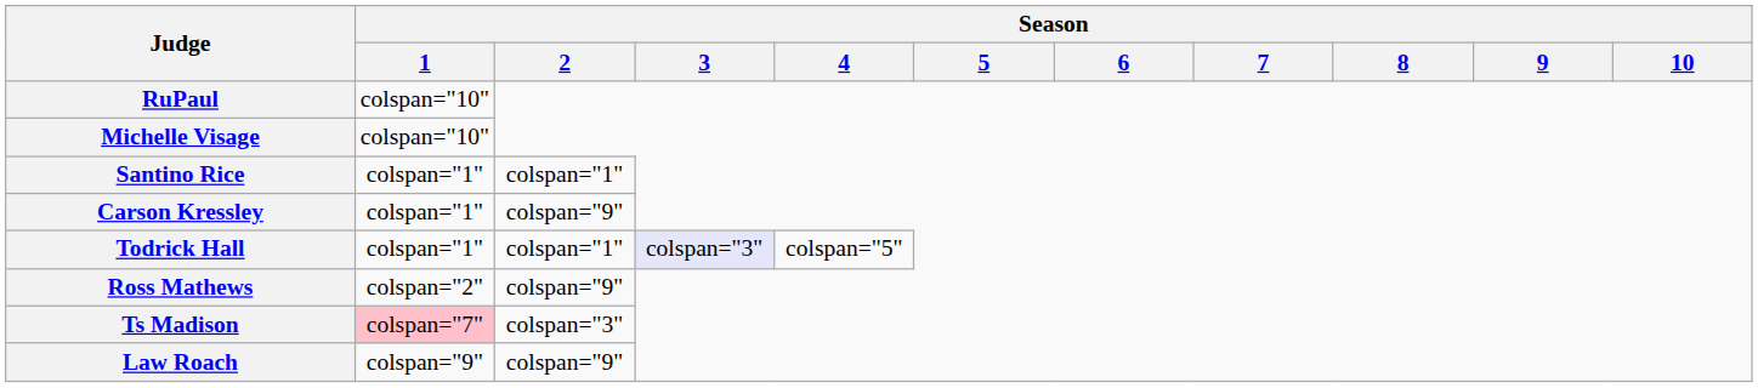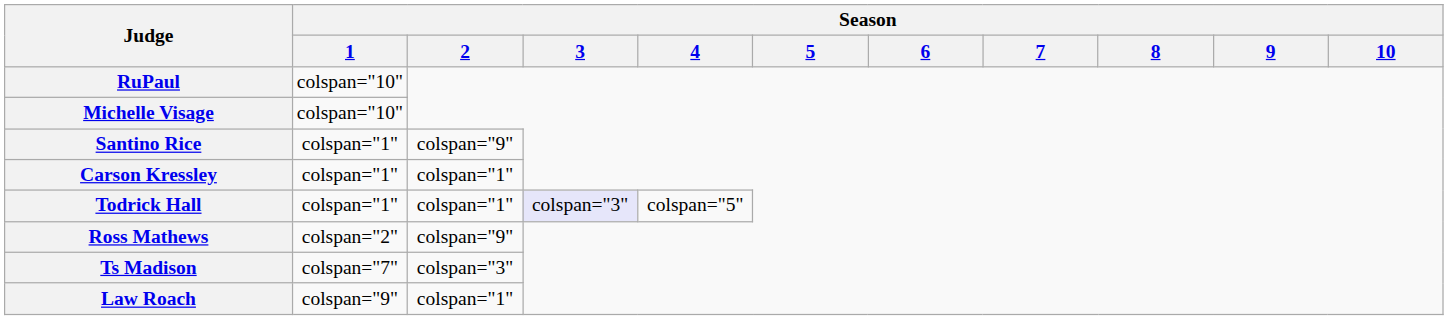 <table class="wikitable plainrowheaders" style="text-align:center">
 <tr>
 <th rowspan="2" style="width:20%;" scope="col">Judge</th>
 <th colspan="10">Season</th>
 </tr>
 <tr>
 <th style="width:8%;" scope="colspan"><a href='#'>1</a></th>
 <th style="width:8%;" scope="colspan"><a href='#'>2</a></th>
 <th style="width:8%;" scope="colspan"><a href='#'>3</a></th>
 <th style="width:8%;" scope="colspan"><a href='#'>4</a></th>
 <th style="width:8%;" scope="colspan"><a href='#'>5</a></th>
 <th style="width:8%;" scope="colspan"><a href='#'>6</a></th>
 <th style="width:8%;" scope="colspan"><a href='#'>7</a></th>
 <th style="width:8%;" scope="colspan"><a href='#'>8</a></th>
 <th style="width:8%;" scope="colspan"><a href='#'>9</a></th>
 <th style="width:8%;" scope="colspan"><a href='#'>10</a></th>
 </tr>
 <tr>
 <th scope="row"><a href='#'>RuPaul</a></th>
 <td>colspan="10" </td>
 </tr>
 <tr>
 <th scope="row"><a href='#'>Michelle Visage</a></th>
 <td>colspan="10" </td>
 </tr>
 <tr>
 <th scope="row"><a href='#'>Santino Rice</a></th>
 <td>colspan="1" </td>
-<td>colspan="1" </td>
+<td>colspan="9" </td>
 </tr>
 <tr>
 <th scope="row"><a href='#'>Carson Kressley</a></th>
 <td>colspan="1" </td>
-<td>colspan="9" </td>
+<td>colspan="1" </td>
 </tr>
 <tr>
 <th scope="row"><a href='#'>Todrick Hall</a></th>
 <td>colspan="1" </td>
 <td>colspan="1" </td>
 <td style="background: lavender;">colspan="3" </td>
 <td>colspan="5" </td>
 </tr>
 <tr>
 <th scope="row"><a href='#'>Ross Mathews</a></th>
 <td>colspan="2" </td>
 <td>colspan="9" </td>
 </tr>
 <tr>
 <th scope="row"><a href='#'>Ts Madison</a></th>
-<td style="background: pink;">colspan="7" </td>
+<td>colspan="7" </td>
 <td>colspan="3" </td>
 </tr>
 <tr>
 <th scope="row"><a href='#'>Law Roach</a></th>
 <td>colspan="9" </td>
-<td>colspan="9" </td>
+<td>colspan="1" </td>
 </tr>
 </table>
